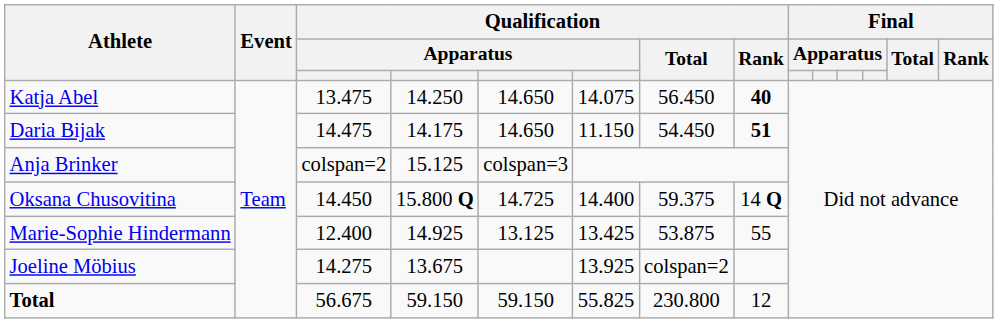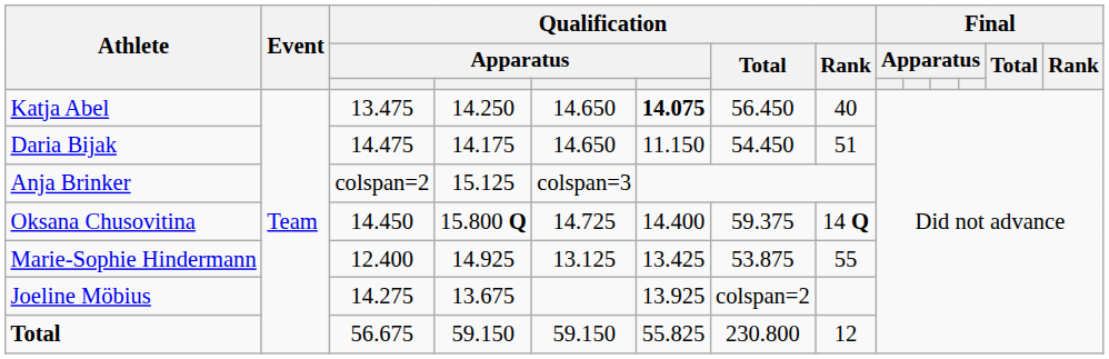 <table class="wikitable" style="font-size:90%">
 <tr>
 <th rowspan="3">Athlete</th>
 <th rowspan="3">Event</th>
 <th colspan=6>Qualification</th>
 <th colspan=6>Final</th>
 </tr>
 <tr style="font-size:95%">
 <th colspan=4>Apparatus</th>
 <th rowspan=2>Total</th>
 <th rowspan=2>Rank</th>
 <th colspan=4>Apparatus</th>
 <th rowspan=2>Total</th>
 <th rowspan=2>Rank</th>
 </tr>
 <tr style="font-size:95%">
 <th></th>
 <th></th>
 <th></th>
 <th></th>
 <th></th>
 <th></th>
 <th></th>
 <th></th>
 </tr>
 <tr align=center>
 <td align=left><a href='#'>Katja Abel</a></td>
 <td rowspan=7 align=left><a href='#'>Team</a></td>
 <td>13.475</td>
 <td>14.250</td>
 <td>14.650</td>
-<td>14.075</td>
+<td><strong>14.075</strong></td>
 <td>56.450</td>
-<td><strong>40</strong></td>
+<td>40</td>
 <td rowspan=7 colspan=6>Did not advance</td>
 </tr>
 <tr align=center>
 <td align=left><a href='#'>Daria Bijak</a></td>
 <td>14.475</td>
 <td>14.175</td>
 <td>14.650</td>
 <td>11.150</td>
 <td>54.450</td>
-<td><strong>51</strong></td>
+<td>51</td>
 </tr>
 <tr align=center>
 <td align=left><a href='#'>Anja Brinker</a></td>
 <td>colspan=2 </td>
 <td>15.125</td>
 <td>colspan=3 </td>
 </tr>
 <tr align=center>
 <td align=left><a href='#'>Oksana Chusovitina</a></td>
 <td>14.450</td>
 <td>15.800 <strong>Q</strong></td>
 <td>14.725</td>
 <td>14.400</td>
 <td>59.375</td>
 <td>14 <strong>Q</strong></td>
 </tr>
 <tr align=center>
 <td align=left><a href='#'>Marie-Sophie Hindermann</a></td>
 <td>12.400</td>
 <td>14.925</td>
 <td>13.125</td>
 <td>13.425</td>
 <td>53.875</td>
 <td>55</td>
 </tr>
 <tr align=center>
 <td align=left><a href='#'>Joeline Möbius</a></td>
 <td>14.275</td>
 <td>13.675</td>
 <td></td>
 <td>13.925</td>
 <td>colspan=2 </td>
 </tr>
 <tr align=center>
 <td align=left><strong>Total</strong></td>
 <td>56.675</td>
 <td>59.150</td>
 <td>59.150</td>
 <td>55.825</td>
 <td>230.800</td>
 <td>12</td>
 </tr>
 </table>
